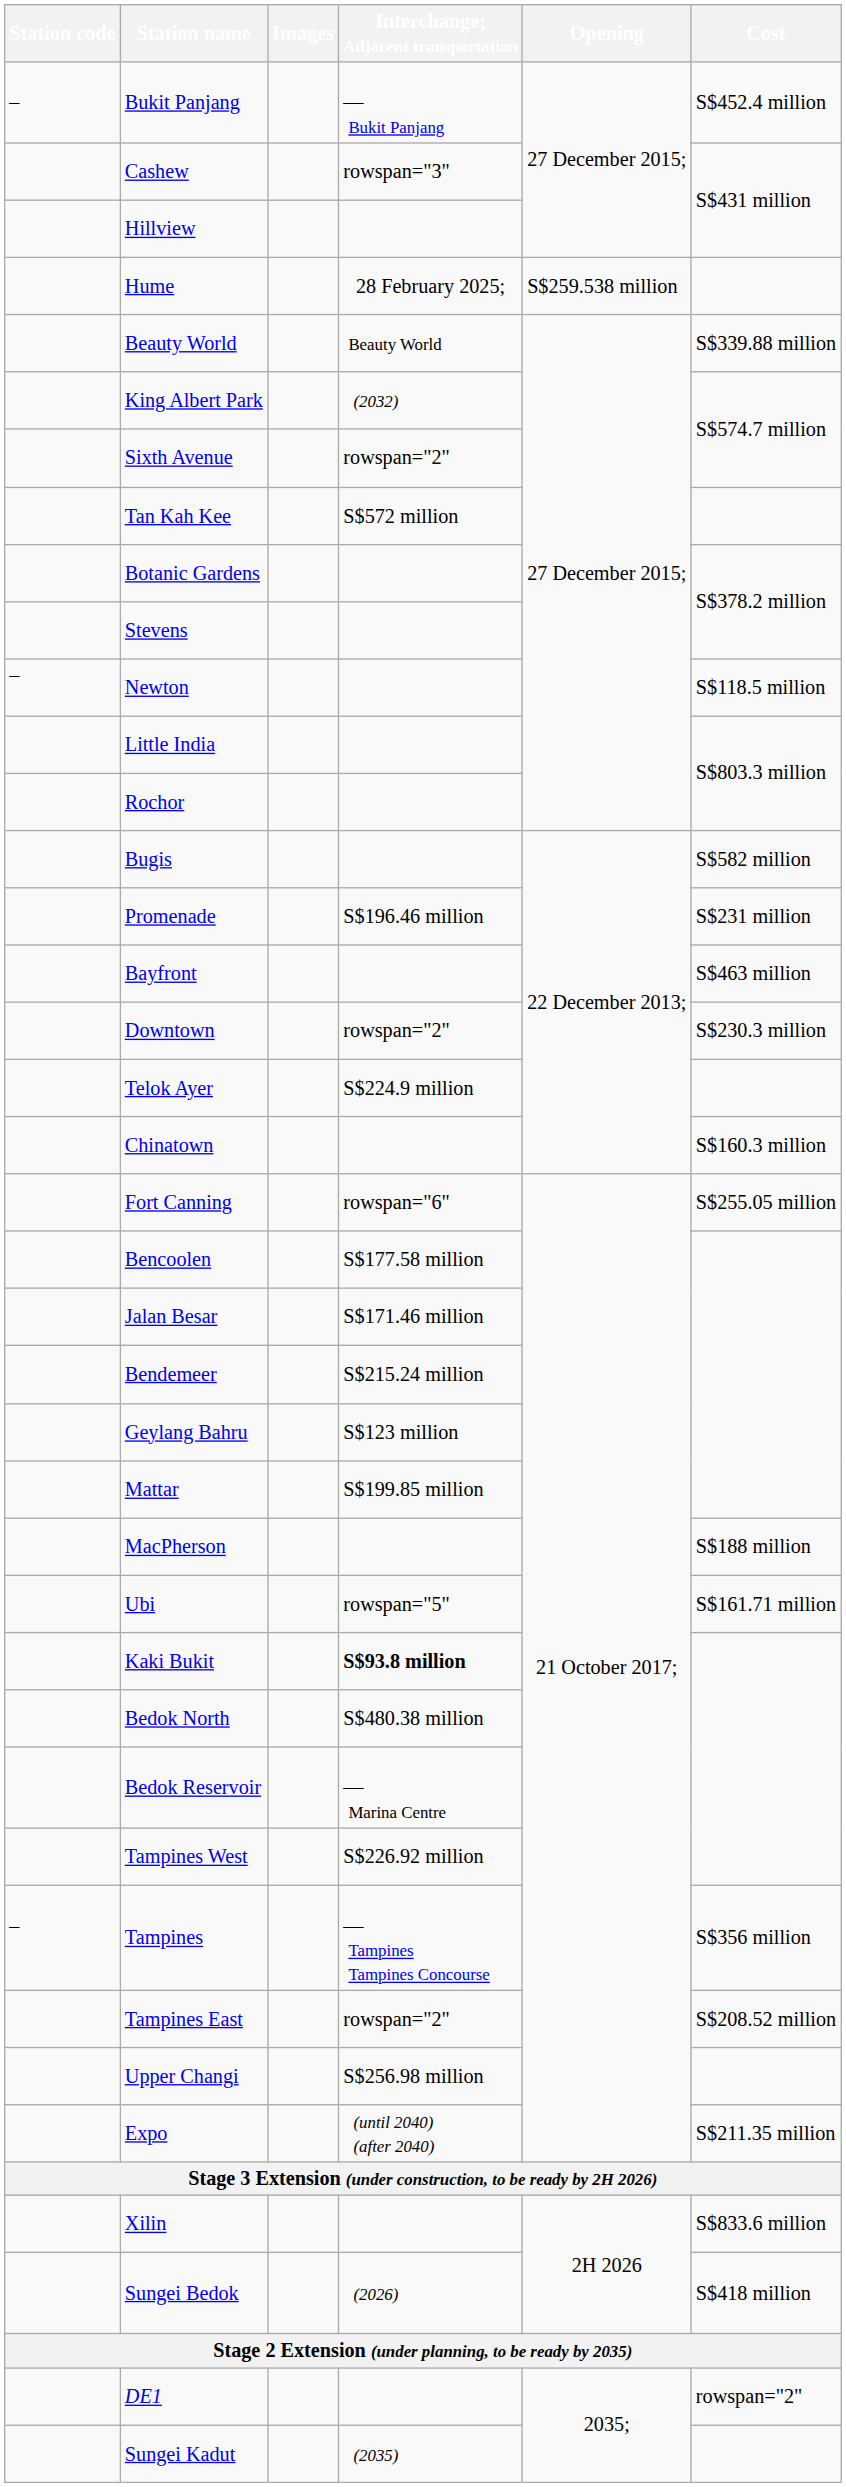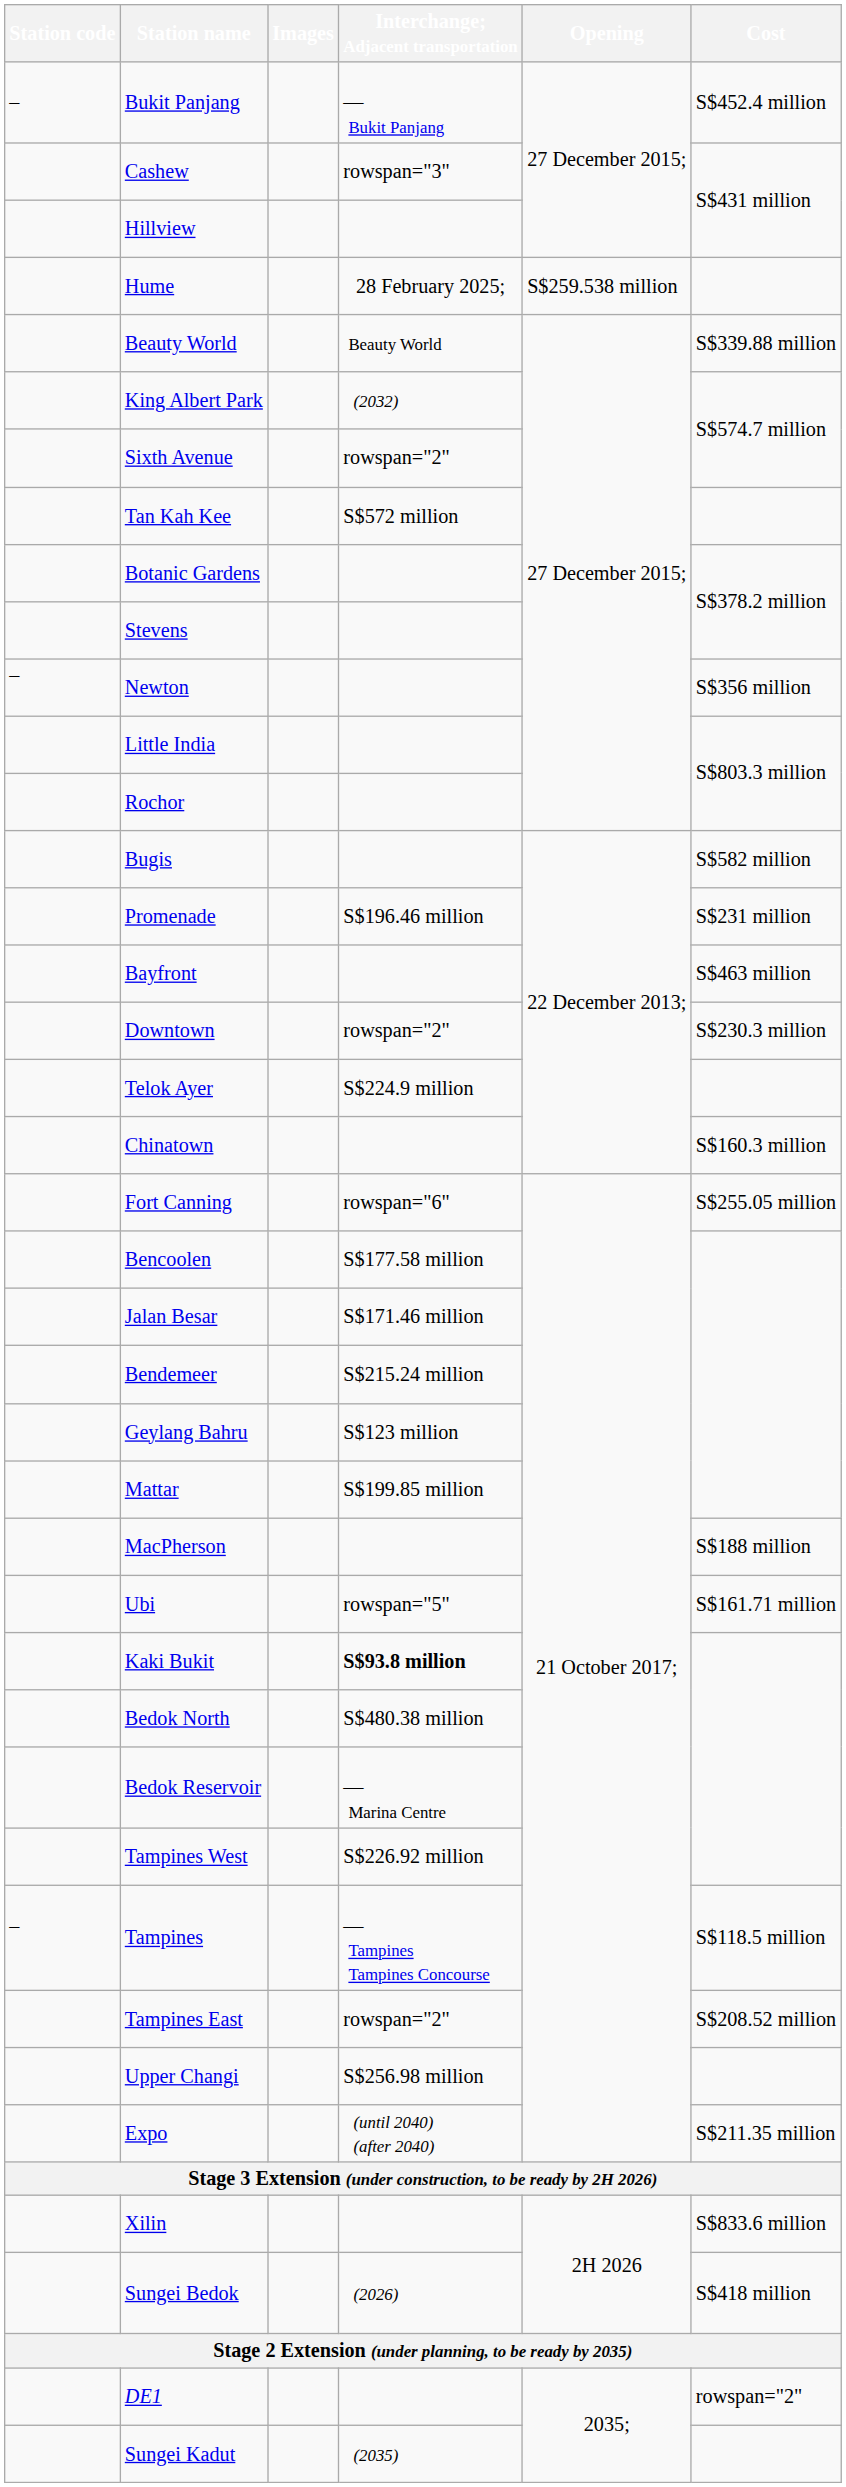 <table class="wikitable" style="color: black; border-collapse: collapse; font-size: 95%">
 <tr>
 <th scope="col" style="color: white; background:#">Station code</th>
 <th scope="col" style="color: white; background:#">Station name</th>
 <th scope="col" style="color: white; background:#">Images</th>
 <th scope="col" style="color: white; background:#">Interchange;<br><small>Adjacent transportation</small></th>
 <th scope="col" style="color: white; background:#">Opening</th>
 <th scope="col" style="color: white; background:#">Cost</th>
 </tr>
 <tr>
 <td scope="row"><br>–<br>  </td>
 <td><a href='#'>Bukit Panjang</a></td>
 <td></td>
 <td>  <br>―<br> <small><a href='#'>Bukit Panjang</a></small></td>
 <td rowspan="3" align=center>27 December 2015;<br></td>
 <td>S$452.4 million</td>
 </tr>
 <tr>
 <td scope="row"><br>  </td>
 <td><a href='#'>Cashew</a></td>
 <td></td>
 <td>rowspan="3" </td>
 <td rowspan="2">S$431 million</td>
 </tr>
 <tr>
 <td scope="row"><br>  </td>
 <td><a href='#'>Hillview</a></td>
 <td></td>
 </tr>
 <tr>
 <td scope="row"><br> </td>
 <td><a href='#'>Hume</a></td>
 <td></td>
 <td align=center>28 February 2025;<br></td>
 <td>S$259.538 million</td>
 </tr>
 <tr>
 <td scope="row"><br>  </td>
 <td><a href='#'>Beauty World</a></td>
 <td></td>
 <td> <small>Beauty World</small></td>
 <td rowspan="9" align=center>27 December 2015;<br></td>
 <td>S$339.88 million</td>
 </tr>
 <tr>
 <td scope="row"><br>  </td>
 <td><a href='#'>King Albert Park</a></td>
 <td></td>
 <td>  <small><em>(2032)</em></small></td>
 <td rowspan="2">S$574.7 million</td>
 </tr>
 <tr>
 <td scope="row"><br>  </td>
 <td><a href='#'>Sixth Avenue</a></td>
 <td></td>
 <td>rowspan="2" </td>
 </tr>
 <tr>
 <td scope="row"><br>  </td>
 <td><a href='#'>Tan Kah Kee</a></td>
 <td></td>
 <td>S$572 million</td>
 </tr>
 <tr>
 <td scope="row"><br>  </td>
 <td><a href='#'>Botanic Gardens</a></td>
 <td></td>
 <td> </td>
 <td rowspan="2">S$378.2 million</td>
 </tr>
 <tr>
 <td scope="row"><br> </td>
 <td><a href='#'>Stevens</a></td>
 <td></td>
 <td>  </td>
 </tr>
 <tr>
 <td scope="row">–<br>  </td>
 <td><a href='#'>Newton</a></td>
 <td></td>
 <td>  </td>
-<td>S$118.5 million</td>
+<td>S$356 million</td>
 </tr>
 <tr>
 <td scope="row"><br>  </td>
 <td><a href='#'>Little India</a></td>
 <td></td>
 <td> </td>
 <td rowspan="2">S$803.3 million</td>
 </tr>
 <tr>
 <td scope="row"><br> </td>
 <td><a href='#'>Rochor</a></td>
 <td></td>
 <td></td>
 </tr>
 <tr>
 <td scope="row"><br>  </td>
 <td><a href='#'>Bugis</a></td>
 <td></td>
 <td> </td>
 <td rowspan="6" align="center">22 December 2013;<br></td>
 <td>S$582 million</td>
 </tr>
 <tr>
 <td scope="row"><br> </td>
 <td><a href='#'>Promenade</a></td>
 <td></td>
 <td>S$196.46 million</td>
 <td>S$231 million</td>
 </tr>
 <tr>
 <td scope="row"><br> </td>
 <td><a href='#'>Bayfront</a></td>
 <td></td>
 <td> </td>
 <td>S$463 million</td>
 </tr>
 <tr>
 <td scope="row"><br> </td>
 <td><a href='#'>Downtown</a></td>
 <td></td>
 <td>rowspan="2" </td>
 <td>S$230.3 million</td>
 </tr>
 <tr>
 <td scope="row"><br> </td>
 <td><a href='#'>Telok Ayer</a></td>
 <td></td>
 <td>S$224.9 million</td>
 </tr>
 <tr>
 <td scope="row"><br>  </td>
 <td><a href='#'>Chinatown</a></td>
 <td></td>
 <td> </td>
 <td>S$160.3 million</td>
 </tr>
 <tr>
 <td scope="row"><br> </td>
 <td><a href='#'>Fort Canning</a></td>
 <td></td>
 <td>rowspan="6" </td>
 <td rowspan="16" align=center>21 October 2017;<br></td>
 <td>S$255.05 million</td>
 </tr>
 <tr>
 <td scope="row"><br> </td>
 <td><a href='#'>Bencoolen</a></td>
 <td></td>
 <td>S$177.58 million</td>
 </tr>
 <tr>
 <td scope="row"><br> </td>
 <td><a href='#'>Jalan Besar</a></td>
 <td></td>
 <td>S$171.46 million</td>
 </tr>
 <tr>
 <td scope="row"><br> </td>
 <td><a href='#'>Bendemeer</a></td>
 <td></td>
 <td>S$215.24 million</td>
 </tr>
 <tr>
 <td scope="row"><br>  </td>
 <td><a href='#'>Geylang Bahru</a></td>
 <td></td>
 <td>S$123 million</td>
 </tr>
 <tr>
 <td scope="row"><br> </td>
 <td><a href='#'>Mattar</a></td>
 <td></td>
 <td>S$199.85 million</td>
 </tr>
 <tr>
 <td scope="row"><br>  </td>
 <td><a href='#'>MacPherson</a></td>
 <td></td>
 <td> </td>
 <td>S$188 million</td>
 </tr>
 <tr>
 <td scope="row"><br> </td>
 <td><a href='#'>Ubi</a></td>
 <td></td>
 <td>rowspan="5" </td>
 <td>S$161.71 million</td>
 </tr>
 <tr>
 <td scope="row"><br> </td>
 <td><a href='#'>Kaki Bukit</a></td>
 <td></td>
 <td><strong>S$93.8 million</strong></td>
 </tr>
 <tr>
 <td scope="row"><br>  </td>
 <td><a href='#'>Bedok North</a></td>
 <td></td>
 <td>S$480.38 million</td>
 </tr>
 <tr>
 <td scope="row"><br>  </td>
 <td><a href='#'>Bedok Reservoir</a></td>
 <td></td>
 <td>  <br>―<br> <small>Marina Centre</small></td>
 </tr>
 <tr>
 <td scope="row"><br>  </td>
 <td><a href='#'>Tampines West</a></td>
 <td></td>
 <td>S$226.92 million</td>
 </tr>
 <tr>
 <td scope="row">–<br>  </td>
 <td><a href='#'>Tampines</a></td>
 <td></td>
 <td>  <br>―<br> <small><a href='#'>Tampines</a></small><br> <small><a href='#'>Tampines Concourse</a></small></td>
-<td>S$356 million</td>
+<td>S$118.5 million</td>
 </tr>
 <tr>
 <td scope="row"><br>  </td>
 <td><a href='#'>Tampines East</a></td>
 <td></td>
 <td>rowspan="2" </td>
 <td>S$208.52 million</td>
 </tr>
 <tr>
 <td scope="row"><br>  </td>
 <td><a href='#'>Upper Changi</a></td>
 <td></td>
 <td>S$256.98 million</td>
 </tr>
 <tr>
 <td scope="row"><br>  </td>
 <td><a href='#'>Expo</a></td>
 <td></td>
 <td>  <small><em>(until 2040)</em></small><br>  <small><em>(after 2040)</em></small></td>
 <td>S$211.35 million</td>
 </tr>
 <tr>
 <th colspan=6>Stage 3 Extension <small><em>(under construction, to be ready by 2H 2026)</em></small></th>
 </tr>
 <tr>
 <td scope="row"><br> </td>
 <td><a href='#'>Xilin</a></td>
 <td></td>
 <td></td>
 <td rowspan="2" align=center>2H 2026</td>
 <td>S$833.6 million</td>
 </tr>
 <tr>
 <td scope="row"> <br><br>  </td>
 <td><a href='#'>Sungei Bedok</a></td>
 <td></td>
 <td>  <small><em>(2026)</em></small></td>
 <td>S$418 million</td>
 </tr>
 <tr>
 <th colspan=6>Stage 2 Extension <small><em>(under planning, to be ready by 2035)</em></small></th>
 </tr>
 <tr>
 <td scope="row"><br> </td>
 <td><em><a href='#'>DE1</a></em></td>
 <td></td>
 <td></td>
 <td rowspan="2" align=center>2035;<br></td>
 <td>rowspan="2" </td>
 </tr>
 <tr>
 <td scope="row"><br> </td>
 <td><a href='#'>Sungei Kadut</a></td>
 <td></td>
 <td>  <small><em>(2035)</em></small></td>
 </tr>
 </table>
